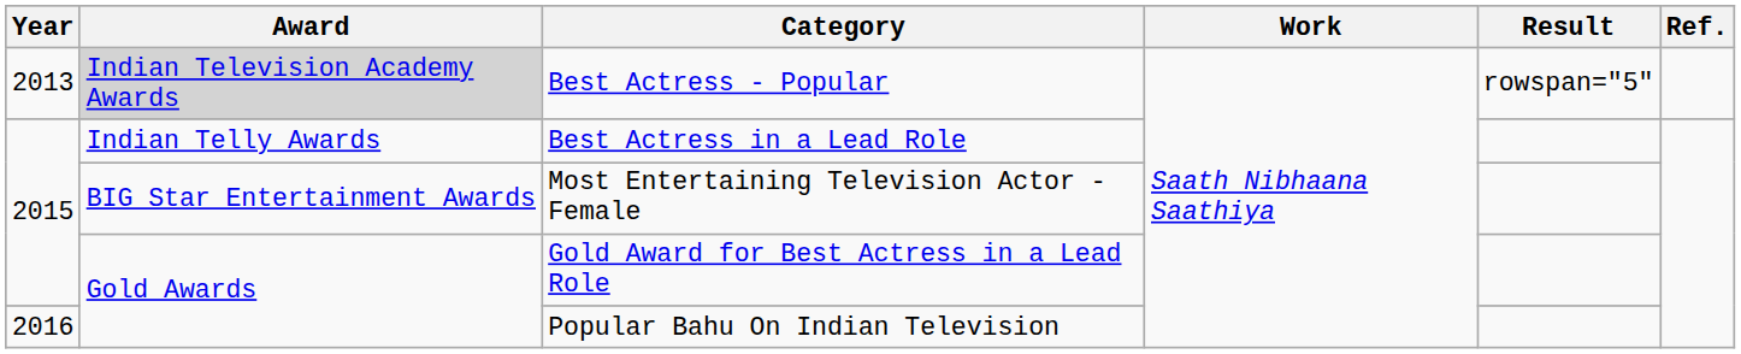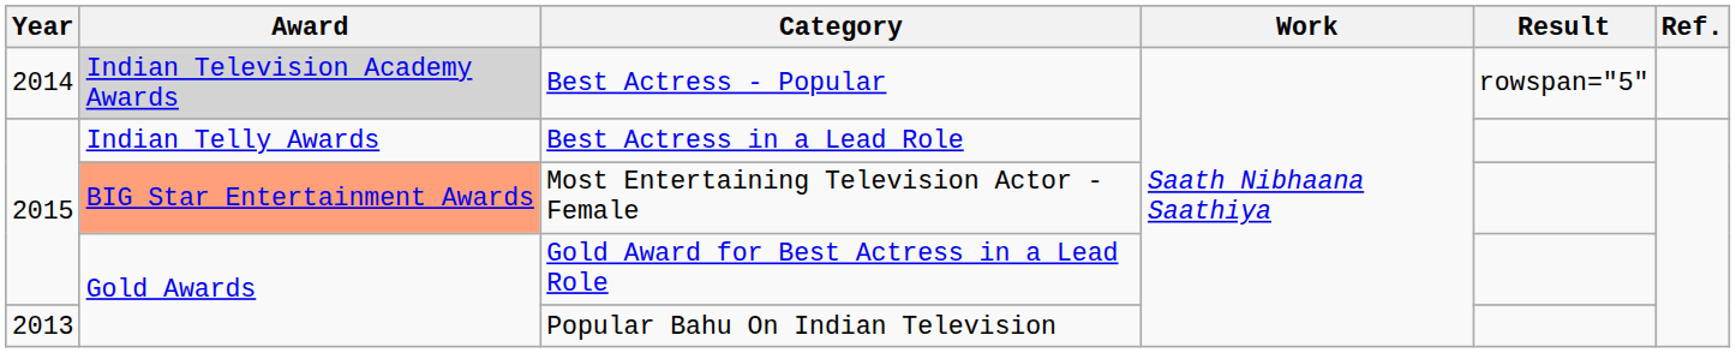 <table class="wikitable sortable">
 <tr>
 <th>Year</th>
 <th>Award</th>
 <th>Category</th>
 <th>Work</th>
 <th>Result</th>
 <th>Ref.</th>
 </tr>
 <tr>
-<td>2013</td>
+<td>2014</td>
 <td style="background: lightgrey;"><a href='#'>Indian Television Academy Awards</a></td>
 <td><a href='#'>Best Actress - Popular</a></td>
 <td rowspan="5"><em><a href='#'>Saath Nibhaana Saathiya</a></em></td>
 <td>rowspan="5" </td>
 <td></td>
 </tr>
 <tr>
 <td rowspan="3">2015</td>
 <td><a href='#'>Indian Telly Awards</a></td>
 <td><a href='#'>Best Actress in a Lead Role</a></td>
 <td></td>
 </tr>
 <tr>
-<td><a href='#'>BIG Star Entertainment Awards</a></td>
+<td style="background: lightsalmon;"><a href='#'>BIG Star Entertainment Awards</a></td>
 <td>Most Entertaining Television Actor - Female</td>
 <td></td>
 </tr>
 <tr>
 <td rowspan="2"><a href='#'>Gold Awards</a></td>
 <td><a href='#'>Gold Award for Best Actress in a Lead Role</a></td>
 <td></td>
 </tr>
 <tr>
-<td>2016</td>
+<td>2013</td>
 <td>Popular Bahu On Indian Television</td>
 <td></td>
 </tr>
 </table>
